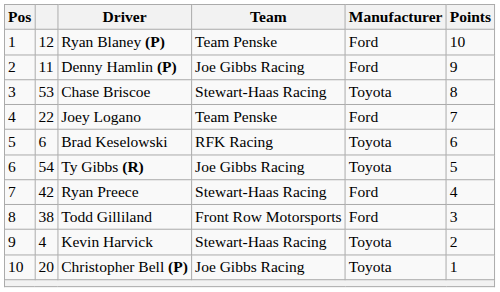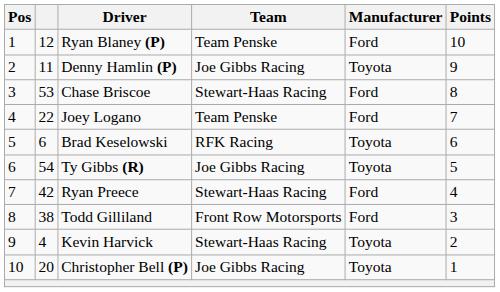 <table class="wikitable" style="font-size:98%">
 <tr>
 <th>Pos</th>
 <th></th>
 <th>Driver</th>
 <th>Team</th>
 <th>Manufacturer</th>
 <th>Points</th>
 </tr>
 <tr>
 <td>1</td>
 <td>12</td>
 <td>Ryan Blaney <strong>(P)</strong></td>
 <td>Team Penske</td>
 <td>Ford</td>
 <td>10</td>
 </tr>
 <tr>
 <td>2</td>
 <td>11</td>
 <td>Denny Hamlin <strong>(P)</strong></td>
 <td>Joe Gibbs Racing</td>
-<td>Ford</td>
+<td>Toyota</td>
 <td>9</td>
 </tr>
 <tr>
 <td>3</td>
 <td>53</td>
 <td>Chase Briscoe</td>
 <td>Stewart-Haas Racing</td>
-<td>Toyota</td>
+<td>Ford</td>
 <td>8</td>
 </tr>
 <tr>
 <td>4</td>
 <td>22</td>
 <td>Joey Logano</td>
 <td>Team Penske</td>
 <td>Ford</td>
 <td>7</td>
 </tr>
 <tr>
 <td>5</td>
 <td>6</td>
 <td>Brad Keselowski</td>
 <td>RFK Racing</td>
 <td>Toyota</td>
 <td>6</td>
 </tr>
 <tr>
 <td>6</td>
 <td>54</td>
 <td>Ty Gibbs <strong>(R)</strong></td>
 <td>Joe Gibbs Racing</td>
 <td>Toyota</td>
 <td>5</td>
 </tr>
 <tr>
 <td>7</td>
 <td>42</td>
 <td>Ryan Preece</td>
 <td>Stewart-Haas Racing</td>
 <td>Ford</td>
 <td>4</td>
 </tr>
 <tr>
 <td>8</td>
 <td>38</td>
 <td>Todd Gilliland</td>
 <td>Front Row Motorsports</td>
 <td>Ford</td>
 <td>3</td>
 </tr>
 <tr>
 <td>9</td>
 <td>4</td>
 <td>Kevin Harvick</td>
 <td>Stewart-Haas Racing</td>
 <td>Toyota</td>
 <td>2</td>
 </tr>
 <tr>
 <td>10</td>
 <td>20</td>
 <td>Christopher Bell <strong>(P)</strong></td>
 <td>Joe Gibbs Racing</td>
 <td>Toyota</td>
 <td>1</td>
 </tr>
 <tr>
 <th colspan="6"></th>
 </tr>
 </table>
